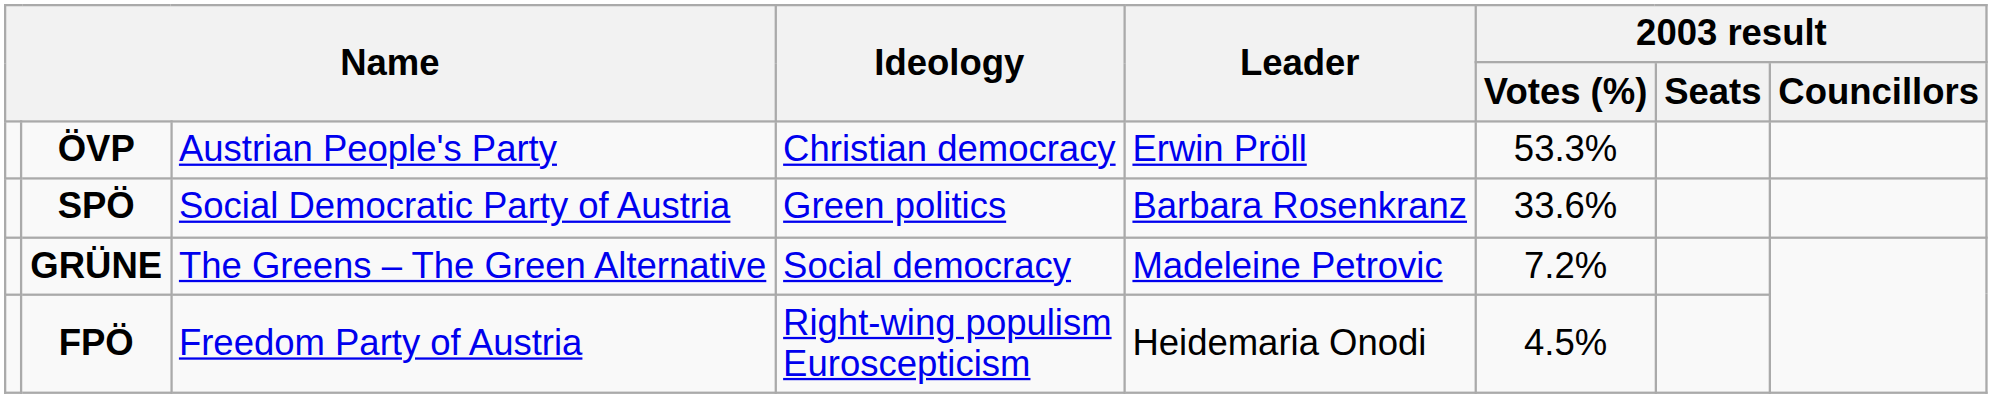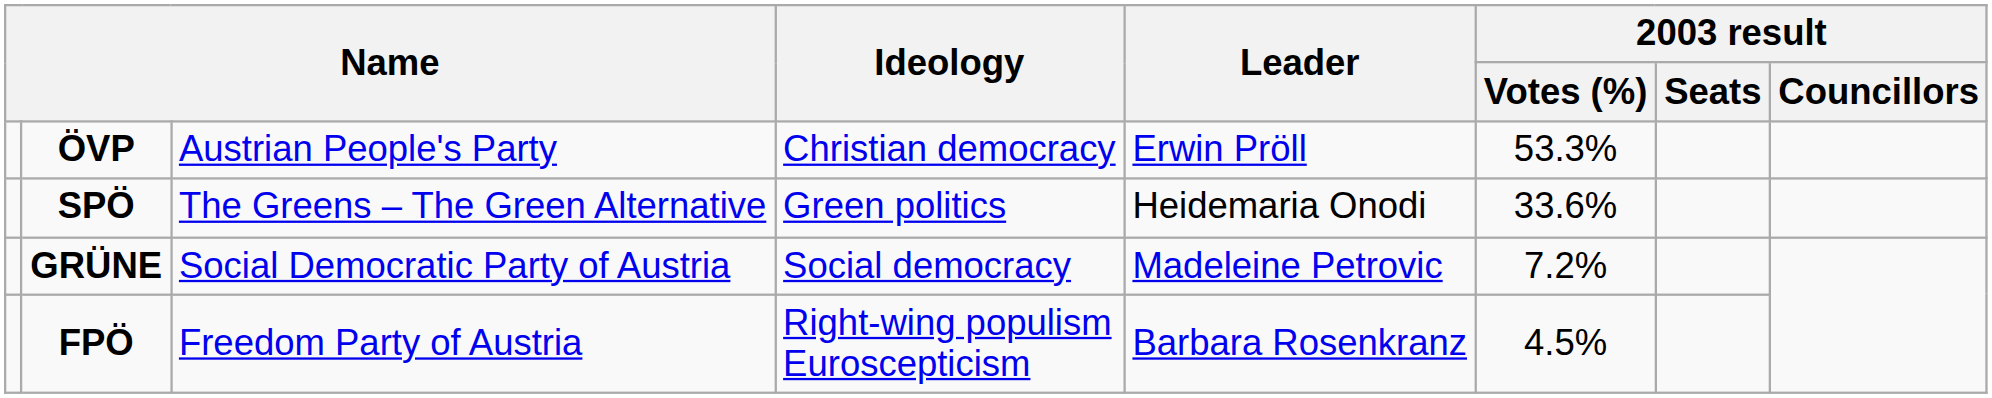 <table class="wikitable">
 <tr>
 <th rowspan="2" colspan="3">Name</th>
 <th rowspan="2">Ideology</th>
 <th rowspan="2">Leader</th>
 <th colspan="3">2003 result</th>
 </tr>
 <tr>
 <th>Votes (%)</th>
 <th>Seats</th>
 <th>Councillors</th>
 </tr>
 <tr>
 <td style="background:"></td>
 <td style="text-align:center;"><strong>ÖVP</strong></td>
 <td><a href='#'>Austrian People's Party</a><br></td>
 <td><a href='#'>Christian democracy</a></td>
 <td><a href='#'>Erwin Pröll</a></td>
 <td style="text-align:center;">53.3%</td>
 <td></td>
 <td></td>
 </tr>
 <tr>
 <td style="background:"></td>
 <td style="text-align:center;"><strong>SPÖ</strong></td>
-<td><a href='#'>Social Democratic Party of Austria</a><br></td>
+<td><a href='#'>The Greens – The Green Alternative</a><br></td>
 <td><a href='#'>Green politics</a></td>
-<td><a href='#'>Barbara Rosenkranz</a></td>
+<td>Heidemaria Onodi</td>
 <td style="text-align:center;">33.6%</td>
 <td></td>
 <td></td>
 </tr>
 <tr>
 <td style="background:"></td>
 <td style="text-align:center;"><strong>GRÜNE</strong></td>
-<td><a href='#'>The Greens – The Green Alternative</a><br></td>
+<td><a href='#'>Social Democratic Party of Austria</a><br></td>
 <td><a href='#'>Social democracy</a></td>
 <td><a href='#'>Madeleine Petrovic</a></td>
 <td style="text-align:center;">7.2%</td>
 <td></td>
 </tr>
 <tr>
 <td style="background:"></td>
 <td style="text-align:center;"><strong>FPÖ</strong></td>
 <td><a href='#'>Freedom Party of Austria</a><br></td>
 <td><a href='#'>Right-wing populism</a><br><a href='#'>Euroscepticism</a></td>
-<td>Heidemaria Onodi</td>
+<td><a href='#'>Barbara Rosenkranz</a></td>
 <td style="text-align:center;">4.5%</td>
 <td></td>
 </tr>
 </table>
